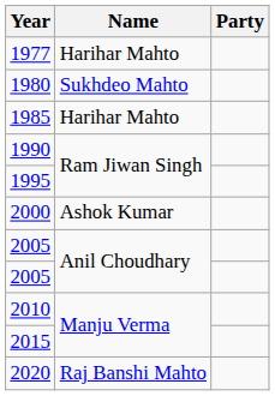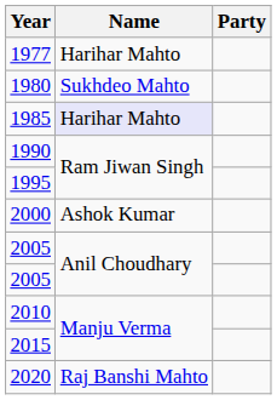 <table class="wikitable sortable">
 <tr>
 <th>Year</th>
 <th>Name</th>
 <th colspan="2">Party</th>
 </tr>
 <tr>
 <td><a href='#'>1977</a></td>
 <td>Harihar Mahto</td>
 <td></td>
 </tr>
 <tr>
 <td><a href='#'>1980</a></td>
 <td><a href='#'>Sukhdeo Mahto</a></td>
 <td></td>
 </tr>
 <tr>
 <td><a href='#'>1985</a></td>
-<td>Harihar Mahto</td>
+<td style="background: lavender;">Harihar Mahto</td>
 <td></td>
 </tr>
 <tr>
 <td><a href='#'>1990</a></td>
 <td rowspan="2">Ram Jiwan Singh</td>
 <td></td>
 </tr>
 <tr>
 <td><a href='#'>1995</a></td>
 </tr>
 <tr>
 <td><a href='#'>2000</a></td>
 <td>Ashok Kumar</td>
 <td></td>
 </tr>
 <tr>
 <td><a href='#'>2005</a></td>
 <td rowspan="2">Anil Choudhary</td>
 <td></td>
 </tr>
 <tr>
 <td><a href='#'>2005</a></td>
 </tr>
 <tr>
 <td><a href='#'>2010</a></td>
 <td rowspan="2"><a href='#'>Manju Verma</a></td>
 <td></td>
 </tr>
 <tr>
 <td><a href='#'>2015</a></td>
 </tr>
 <tr>
 <td><a href='#'>2020</a></td>
 <td><a href='#'>Raj Banshi Mahto</a></td>
 <td></td>
 </tr>
 </table>
